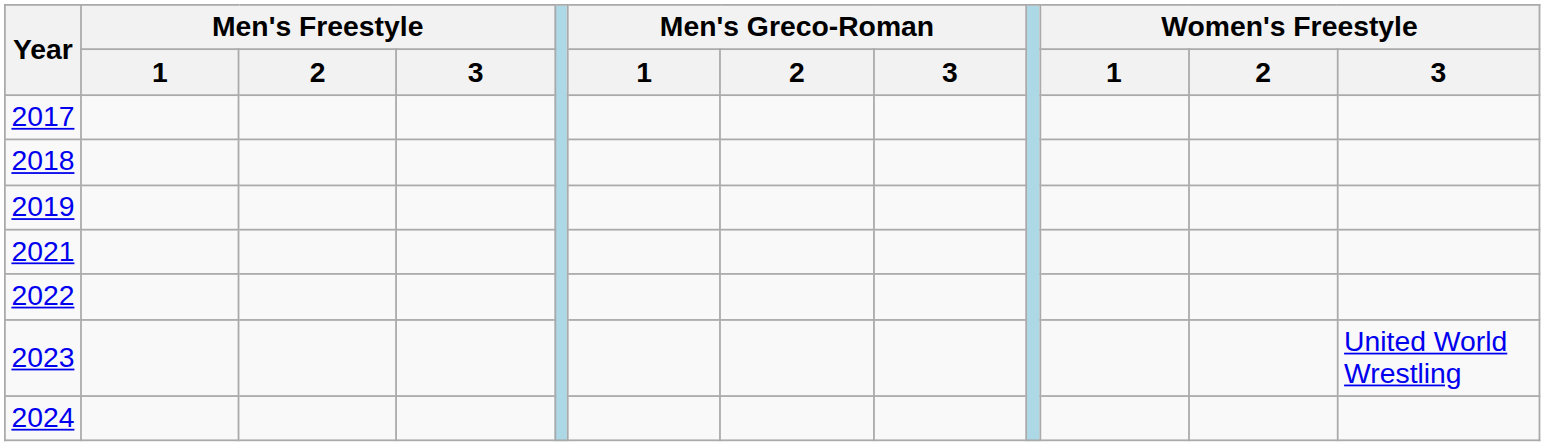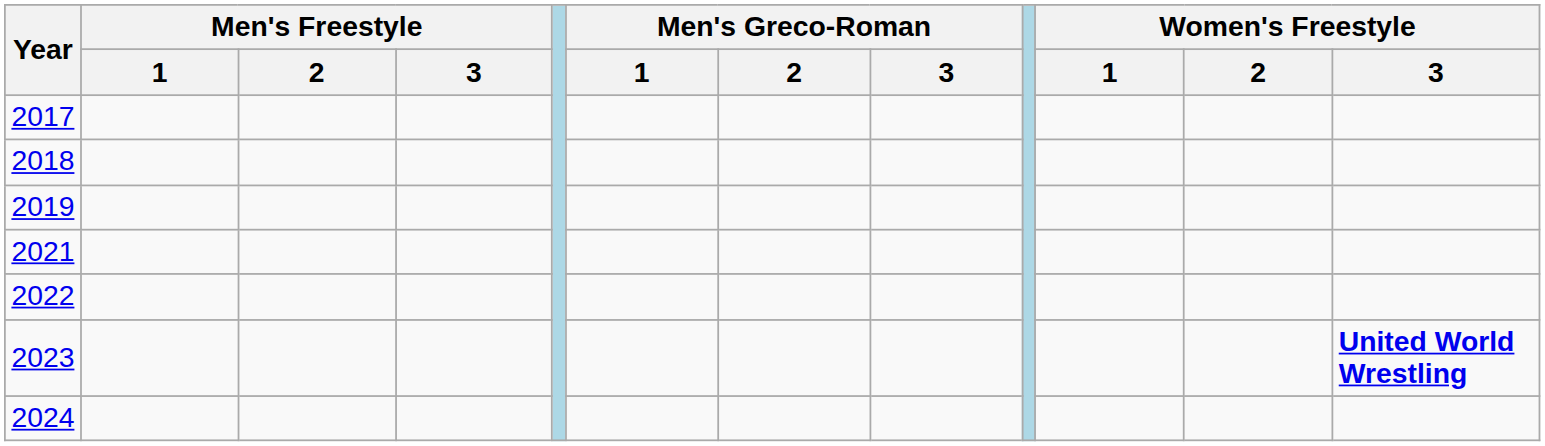 <table class="wikitable" style="text-align:left;" style="font-size:60%">
 <tr>
 <th rowspan=2 width=35>Year</th>
 <th colspan=3>Men's Freestyle</th>
 <td rowspan=9 bgcolor=lightblue></td>
 <th colspan=3>Men's Greco-Roman</th>
 <td rowspan=9 bgcolor=lightblue></td>
 <th colspan=3>Women's Freestyle</th>
 </tr>
 <tr>
 <th width=150>1</th>
 <th width=150>2</th>
 <th width=150>3</th>
 <th width=150>1</th>
 <th width=150>2</th>
 <th width=150>3</th>
 <th width=150>1</th>
 <th width=150>2</th>
 <th width=150>3</th>
 </tr>
 <tr>
 <td align=center><a href='#'>2017</a></td>
 <td><strong></strong></td>
 <td></td>
 <td></td>
 <td><strong></strong></td>
 <td></td>
 <td></td>
 <td><strong></strong></td>
 <td></td>
 <td></td>
 </tr>
 <tr>
 <td align=center><a href='#'>2018</a></td>
 <td><strong></strong></td>
 <td></td>
 <td></td>
 <td><strong></strong></td>
 <td></td>
 <td></td>
 <td><strong></strong></td>
 <td></td>
 <td></td>
 </tr>
 <tr>
 <td align=center><a href='#'>2019</a></td>
 <td><strong></strong></td>
 <td></td>
 <td></td>
 <td><strong></strong></td>
 <td></td>
 <td></td>
 <td><strong></strong></td>
 <td></td>
 <td></td>
 </tr>
 <tr>
 <td align=center><a href='#'>2021</a></td>
 <td><strong></strong></td>
 <td></td>
 <td></td>
 <td><strong></strong></td>
 <td></td>
 <td></td>
 <td><strong></strong></td>
 <td></td>
 <td></td>
 </tr>
 <tr>
 <td align=center><a href='#'>2022</a></td>
 <td><strong></strong></td>
 <td></td>
 <td></td>
 <td><strong></strong></td>
 <td></td>
 <td></td>
 <td><strong></strong></td>
 <td></td>
 <td></td>
 </tr>
 <tr>
 <td align=center><a href='#'>2023</a></td>
 <td><strong></strong></td>
 <td></td>
 <td></td>
 <td><strong></strong></td>
 <td></td>
 <td></td>
 <td><strong></strong></td>
 <td></td>
-<td><a href='#'>United World Wrestling</a></td>
+<td><strong><a href='#'>United World Wrestling</a></strong></td>
 </tr>
 <tr>
 <td align=center><a href='#'>2024</a></td>
 <td><strong></strong></td>
 <td></td>
 <td></td>
 <td><strong></strong></td>
 <td></td>
 <td></td>
 <td><strong></strong></td>
 <td></td>
 <td></td>
 </tr>
 </table>
